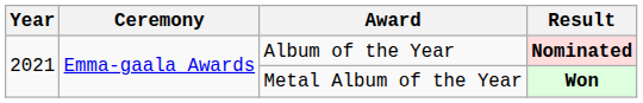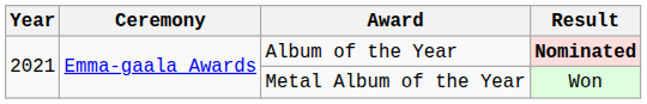 <table class="wikitable">
 <tr>
 <th>Year</th>
 <th>Ceremony</th>
 <th>Award</th>
 <th>Result</th>
 </tr>
 <tr>
 <td rowspan="2">2021</td>
 <td rowspan="2"><a href='#'>Emma-gaala Awards</a></td>
 <td>Album of the Year</td>
 <td style="background: #ffdddd" align="center" class="table-yes2"><strong>Nominated</strong></td>
 </tr>
 <tr>
 <td>Metal Album of the Year</td>
-<td style="background: #ddffdd" align="center" class="table-yes2"><strong>Won</strong></td>
+<td style="background: #ddffdd" align="center" class="table-yes2">Won</td>
 </tr>
 </table>
